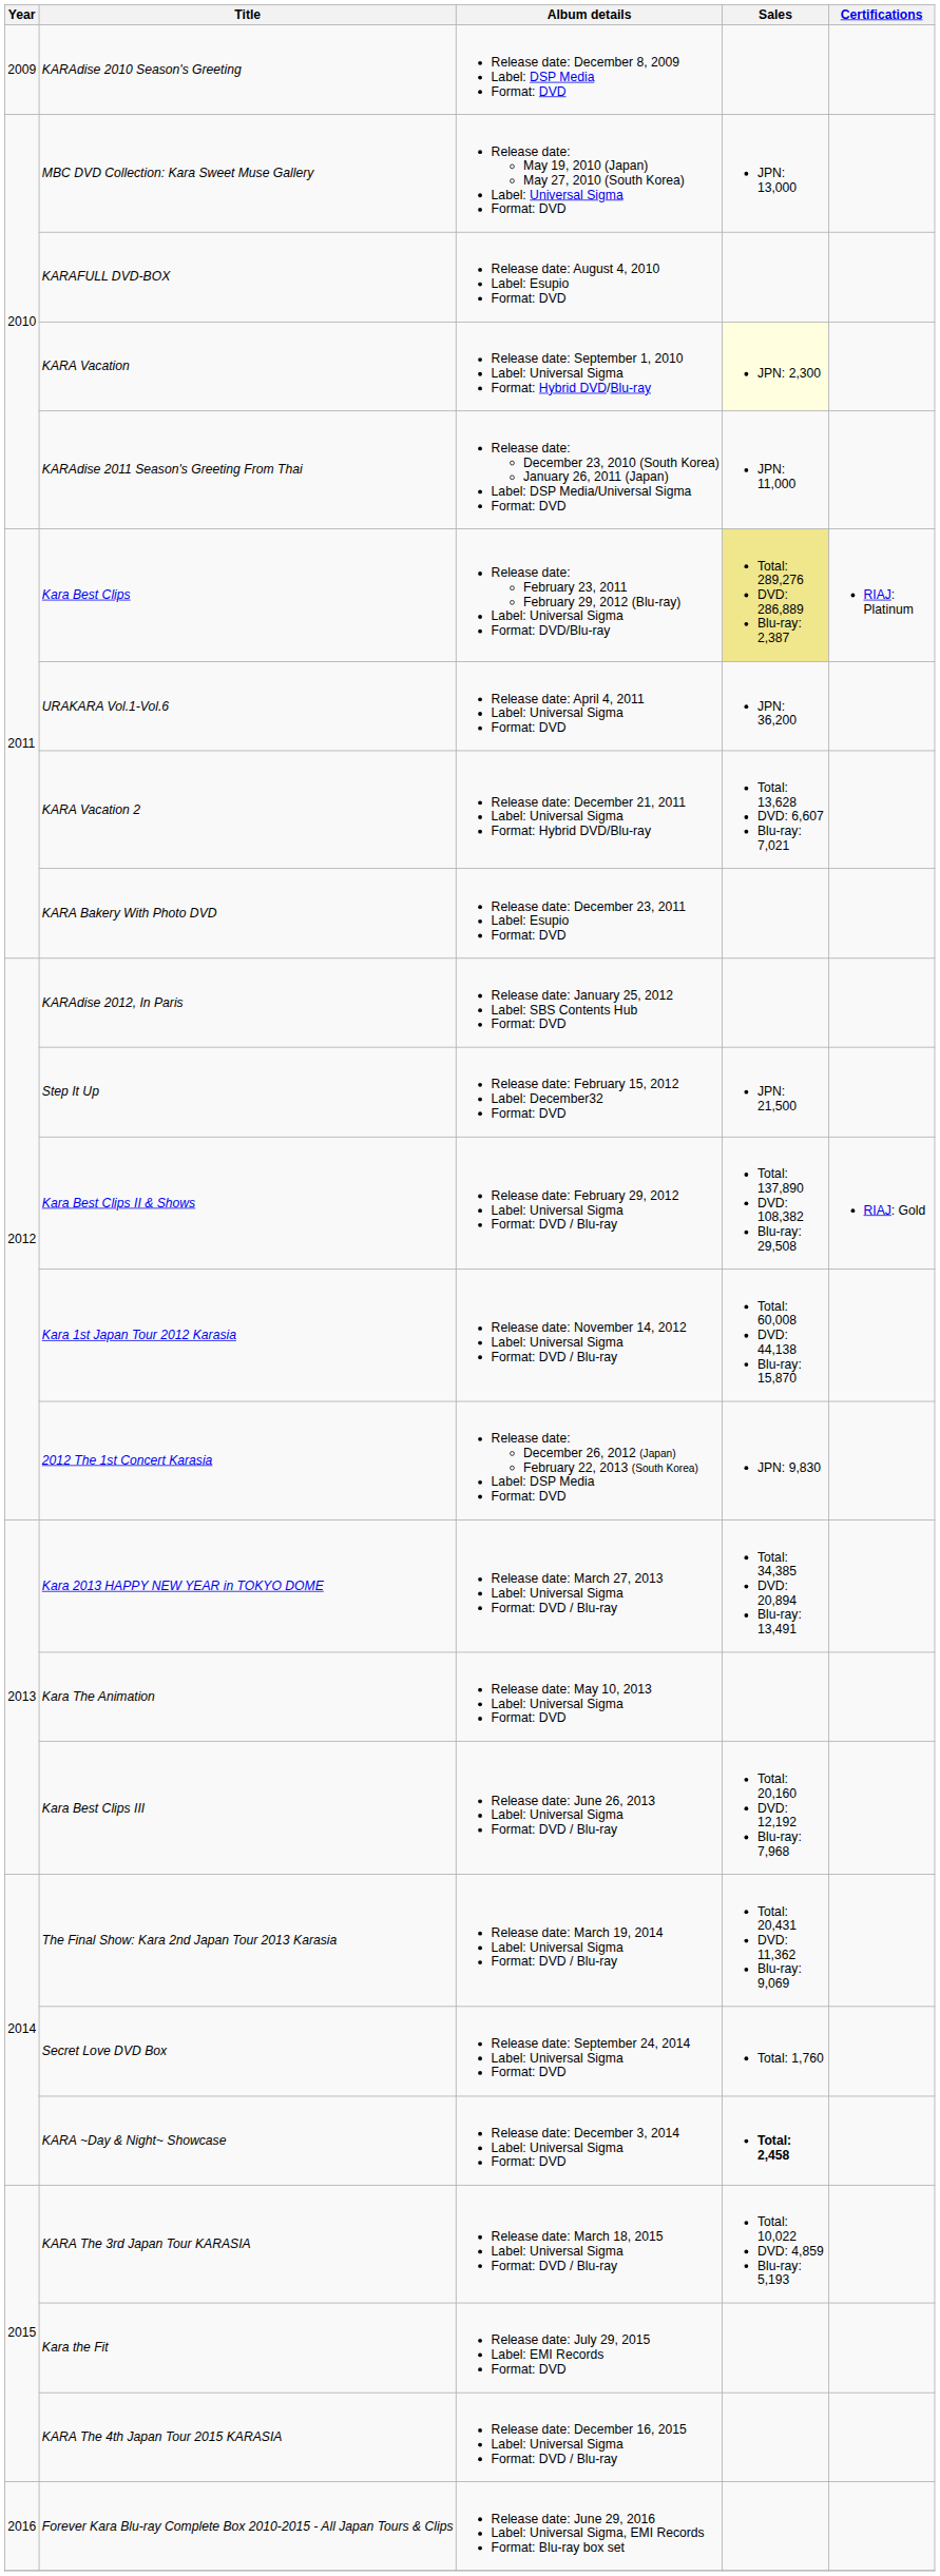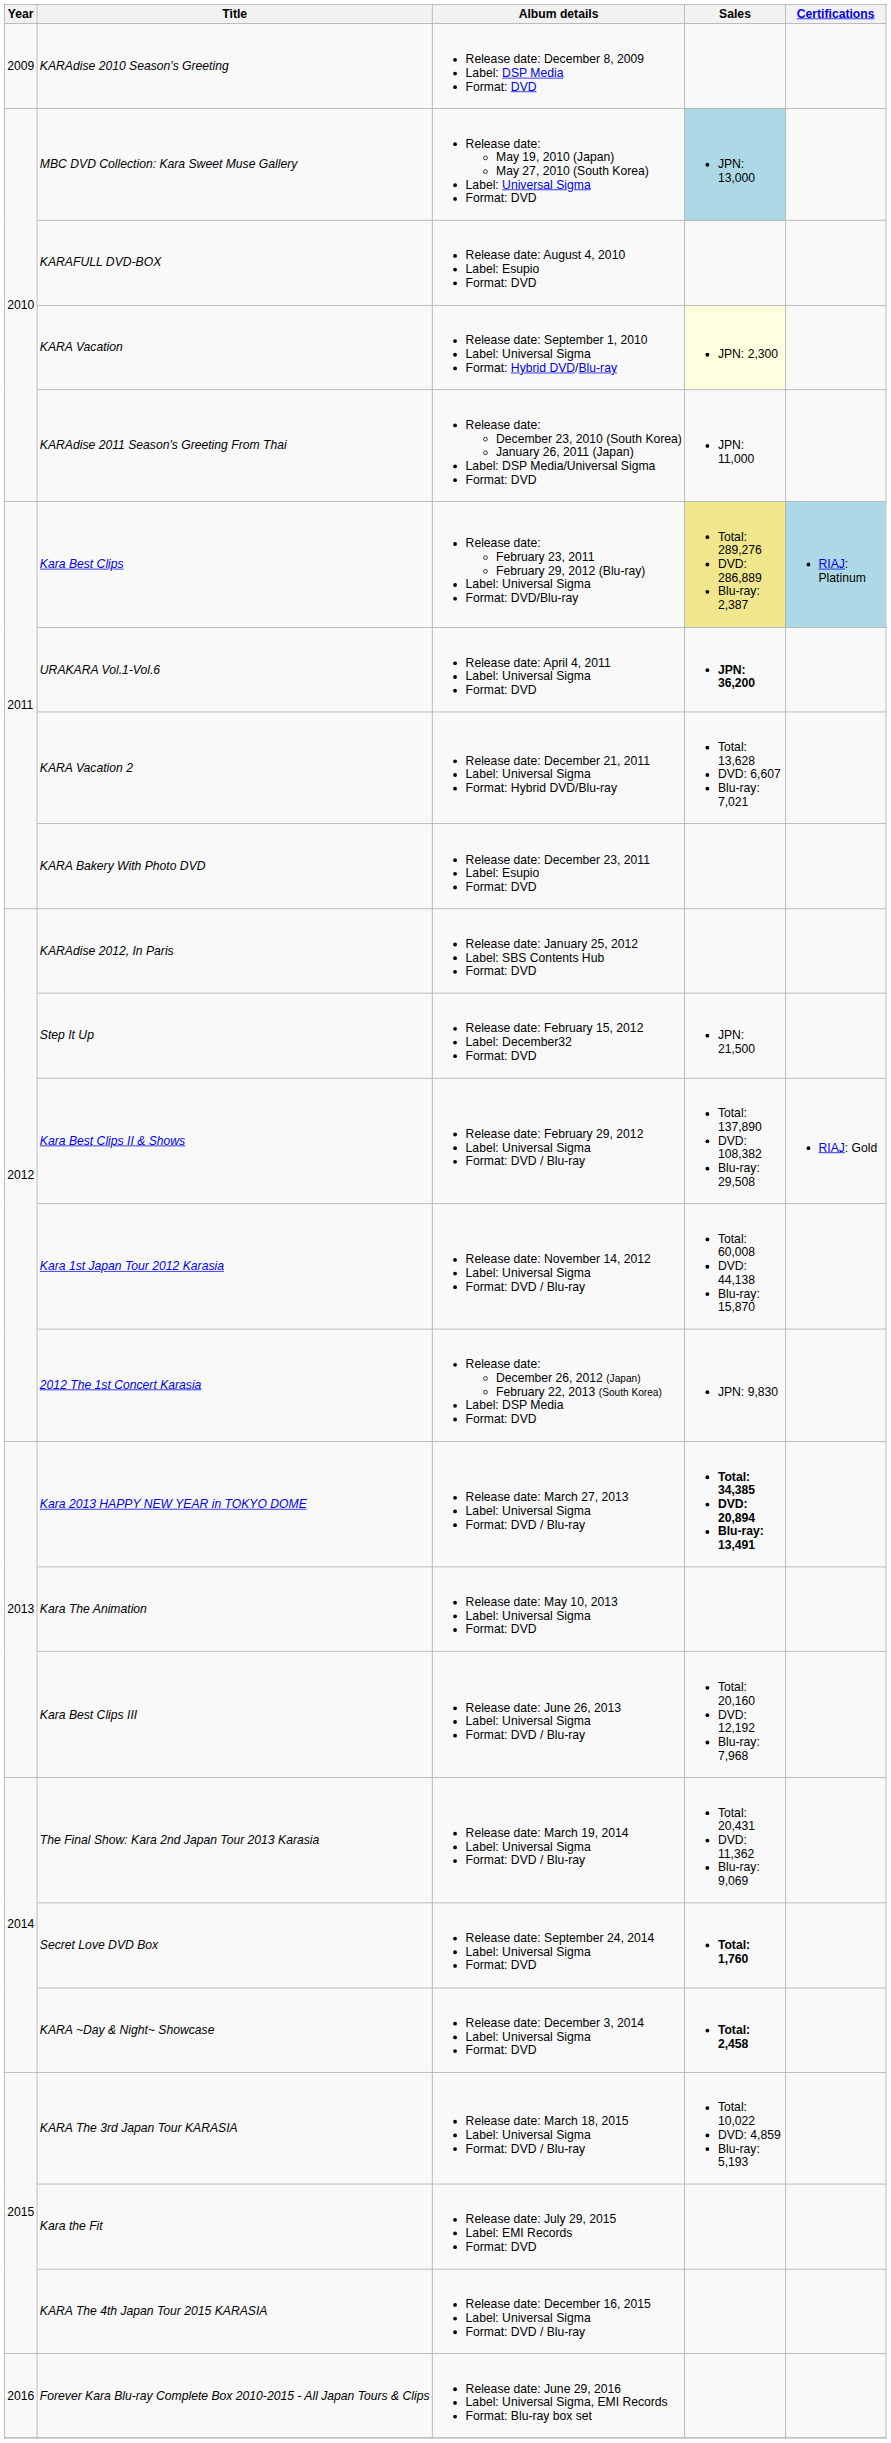 <table class="wikitable" style="text-align:left;">
 <tr>
 <th>Year</th>
 <th>Title</th>
 <th>Album details</th>
 <th style="width:125px;">Sales</th>
 <th style="width:125px;"><a href='#'>Certifications</a></th>
 </tr>
 <tr>
 <td>2009</td>
 <td><em>KARAdise 2010 Season's Greeting</em></td>
 <td><br><ul><li>Release date: December 8, 2009</li><li>Label: <a href='#'>DSP Media</a></li><li>Format: <a href='#'>DVD</a></li></ul></td>
 <td></td>
 <td></td>
 </tr>
 <tr>
 <td rowspan="4">2010</td>
 <td><em>MBC DVD Collection: Kara Sweet Muse Gallery</em></td>
 <td><br><ul><li>Release date:<ul><li>May 19, 2010 (Japan)</li><li>May 27, 2010 (South Korea)</li></ul></li><li>Label: <a href='#'>Universal Sigma</a></li><li>Format: DVD</li></ul></td>
-<td><br><ul><li>JPN: 13,000</li></ul></td>
+<td style="background: lightblue;"><br><ul><li>JPN: 13,000</li></ul></td>
 <td></td>
 </tr>
 <tr>
 <td><em>KARAFULL DVD-BOX</em></td>
 <td><br><ul><li>Release date: August 4, 2010</li><li>Label: Esupio</li><li>Format: DVD</li></ul></td>
 <td></td>
 <td></td>
 </tr>
 <tr>
 <td><em>KARA Vacation</em></td>
 <td><br><ul><li>Release date: September 1, 2010</li><li>Label: Universal Sigma</li><li>Format: <a href='#'>Hybrid DVD</a>/<a href='#'>Blu-ray</a></li></ul></td>
 <td style="background: lightyellow;"><br><ul><li>JPN: 2,300</li></ul></td>
 <td></td>
 </tr>
 <tr>
 <td><em>KARAdise 2011 Season's Greeting From Thai</em></td>
 <td><br><ul><li>Release date:<ul><li>December 23, 2010 (South Korea)</li><li>January 26, 2011 (Japan)</li></ul></li><li>Label: DSP Media/Universal Sigma</li><li>Format: DVD</li></ul></td>
 <td><br><ul><li>JPN: 11,000</li></ul></td>
 <td></td>
 </tr>
 <tr>
 <td rowspan="4">2011</td>
 <td><em><a href='#'>Kara Best Clips</a></em></td>
 <td><br><ul><li>Release date:<ul><li>February 23, 2011</li><li>February 29, 2012 (Blu-ray)</li></ul></li><li>Label: Universal Sigma</li><li>Format: DVD/Blu-ray</li></ul></td>
 <td style="background: khaki;"><br><ul><li>Total: 289,276</li><li>DVD: 286,889</li><li>Blu-ray: 2,387</li></ul></td>
-<td><br><ul><li><a href='#'>RIAJ</a>: Platinum</li></ul></td>
+<td style="background: lightblue;"><br><ul><li><a href='#'>RIAJ</a>: Platinum</li></ul></td>
 </tr>
 <tr>
 <td><em>URAKARA Vol.1-Vol.6 </em></td>
 <td><br><ul><li>Release date: April 4, 2011</li><li>Label: Universal Sigma</li><li>Format: DVD</li></ul></td>
-<td><br><ul><li>JPN: 36,200</li></ul></td>
+<td><strong><br><ul><li>JPN: 36,200</li></ul></strong></td>
 <td></td>
 </tr>
 <tr>
 <td><em>KARA Vacation 2</em></td>
 <td><br><ul><li>Release date: December 21, 2011</li><li>Label: Universal Sigma</li><li>Format: Hybrid DVD/Blu-ray</li></ul></td>
 <td><br><ul><li>Total: 13,628</li><li>DVD: 6,607</li><li>Blu-ray: 7,021</li></ul></td>
 <td></td>
 </tr>
 <tr>
 <td><em>KARA Bakery With Photo DVD</em></td>
 <td><br><ul><li>Release date: December 23, 2011</li><li>Label: Esupio</li><li>Format: DVD</li></ul></td>
 <td></td>
 <td></td>
 </tr>
 <tr>
 <td rowspan="5">2012</td>
 <td><em>KARAdise 2012, In Paris</em></td>
 <td><br><ul><li>Release date: January 25, 2012</li><li>Label: SBS Contents Hub</li><li>Format: DVD</li></ul></td>
 <td></td>
 <td></td>
 </tr>
 <tr>
 <td><em>Step It Up</em></td>
 <td><br><ul><li>Release date: February 15, 2012</li><li>Label: December32</li><li>Format: DVD</li></ul></td>
 <td><br><ul><li>JPN: 21,500</li></ul></td>
 <td></td>
 </tr>
 <tr>
 <td><em><a href='#'>Kara Best Clips II & Shows</a></em></td>
 <td><br><ul><li>Release date: February 29, 2012</li><li>Label: Universal Sigma</li><li>Format: DVD / Blu-ray</li></ul></td>
 <td><br><ul><li>Total: 137,890</li><li>DVD: 108,382</li><li>Blu-ray: 29,508</li></ul></td>
 <td><br><ul><li><a href='#'>RIAJ</a>: Gold</li></ul></td>
 </tr>
 <tr>
 <td><em><a href='#'>Kara 1st Japan Tour 2012 Karasia</a></em></td>
 <td><br><ul><li>Release date: November 14, 2012</li><li>Label: Universal Sigma</li><li>Format: DVD / Blu-ray</li></ul></td>
 <td><br><ul><li>Total: 60,008</li><li>DVD: 44,138</li><li>Blu-ray: 15,870</li></ul></td>
 <td></td>
 </tr>
 <tr>
 <td><em><a href='#'>2012 The 1st Concert Karasia</a></em></td>
 <td><br><ul><li>Release date:<ul><li>December 26, 2012 <small>(Japan)</small></li><li>February 22, 2013 <small>(South Korea)</small></li></ul></li><li>Label: DSP Media</li><li>Format: DVD</li></ul></td>
 <td><br><ul><li>JPN: 9,830</li></ul></td>
 <td></td>
 </tr>
 <tr>
 <td rowspan="3">2013</td>
 <td><em><a href='#'>Kara 2013 HAPPY NEW YEAR in TOKYO DOME</a></em></td>
 <td><br><ul><li>Release date: March 27, 2013</li><li>Label: Universal Sigma</li><li>Format: DVD / Blu-ray</li></ul></td>
-<td><br><ul><li>Total: 34,385</li><li>DVD: 20,894</li><li>Blu-ray: 13,491</li></ul></td>
+<td><strong><br><ul><li>Total: 34,385</li><li>DVD: 20,894</li><li>Blu-ray: 13,491</li></ul></strong></td>
 <td></td>
 </tr>
 <tr>
 <td><em>Kara The Animation</em></td>
 <td><br><ul><li>Release date: May 10, 2013</li><li>Label: Universal Sigma</li><li>Format: DVD</li></ul></td>
 <td></td>
 <td></td>
 </tr>
 <tr>
 <td><em>Kara Best Clips III</em></td>
 <td><br><ul><li>Release date: June 26, 2013</li><li>Label: Universal Sigma</li><li>Format: DVD / Blu-ray</li></ul></td>
 <td><br><ul><li>Total: 20,160</li><li>DVD: 12,192</li><li>Blu-ray: 7,968</li></ul></td>
 <td></td>
 </tr>
 <tr>
 <td rowspan="3">2014</td>
 <td><em>The Final Show: Kara 2nd Japan Tour 2013 Karasia</em></td>
 <td><br><ul><li>Release date: March 19, 2014</li><li>Label: Universal Sigma</li><li>Format: DVD / Blu-ray</li></ul></td>
 <td><br><ul><li>Total: 20,431</li><li>DVD: 11,362</li><li>Blu-ray: 9,069</li></ul></td>
 <td></td>
 </tr>
 <tr>
 <td><em>Secret Love DVD Box</em></td>
 <td><br><ul><li>Release date: September 24, 2014</li><li>Label: Universal Sigma</li><li>Format: DVD</li></ul></td>
-<td><br><ul><li>Total: 1,760</li></ul></td>
+<td><strong><br><ul><li>Total: 1,760</li></ul></strong></td>
 <td></td>
 </tr>
 <tr>
 <td><em>KARA ~Day & Night~ Showcase</em></td>
 <td><br><ul><li>Release date: December 3, 2014</li><li>Label: Universal Sigma</li><li>Format: DVD</li></ul></td>
 <td><strong><br><ul><li>Total: 2,458</li></ul></strong></td>
 <td></td>
 </tr>
 <tr>
 <td rowspan="3">2015</td>
 <td><em>KARA The 3rd Japan Tour KARASIA</em></td>
 <td><br><ul><li>Release date: March 18, 2015</li><li>Label: Universal Sigma</li><li>Format: DVD / Blu-ray</li></ul></td>
 <td><br><ul><li>Total: 10,022</li><li>DVD: 4,859</li><li>Blu-ray: 5,193</li></ul></td>
 <td></td>
 </tr>
 <tr>
 <td><em>Kara the Fit</em></td>
 <td><br><ul><li>Release date: July 29, 2015</li><li>Label: EMI Records</li><li>Format: DVD</li></ul></td>
 <td></td>
 <td></td>
 </tr>
 <tr>
 <td><em>KARA The 4th Japan Tour 2015 KARASIA</em></td>
 <td><br><ul><li>Release date: December 16, 2015</li><li>Label: Universal Sigma</li><li>Format: DVD / Blu-ray</li></ul></td>
 <td></td>
 <td></td>
 </tr>
 <tr>
 <td rowspan="1">2016</td>
 <td><em>Forever Kara Blu-ray Complete Box 2010-2015 - All Japan Tours & Clips</em></td>
 <td><br><ul><li>Release date: June 29, 2016</li><li>Label: Universal Sigma, EMI Records</li><li>Format: Blu-ray box set</li></ul></td>
 <td></td>
 <td></td>
 </tr>
 <tr>
 </tr>
 </table>
